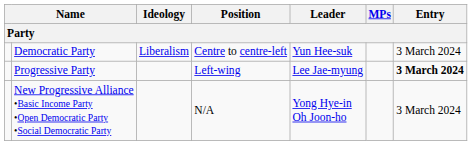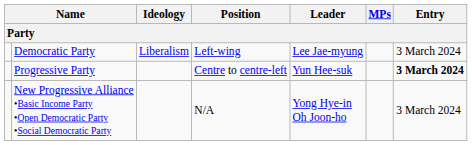 <table class="wikitable" style="font-size:90%;">
 <tr>
 <th colspan="2">Name</th>
 <th>Ideology</th>
 <th>Position</th>
 <th>Leader</th>
 <th><a href='#'>MPs</a></th>
 <th>Entry</th>
 </tr>
 <tr>
 <th colspan="10" style="text-align: left;">Party</th>
 </tr>
 <tr>
 <td style="width:2px;background:"></td>
 <td><a href='#'>Democratic Party</a></td>
 <td><a href='#'>Liberalism</a></td>
-<td><a href='#'>Centre</a> to <a href='#'>centre-left</a></td>
-<td><a href='#'>Yun Hee-suk</a></td>
+<td><a href='#'>Left-wing</a></td>
+<td><a href='#'>Lee Jae-myung</a></td>
 <td></td>
 <td>3 March 2024</td>
 </tr>
 <tr>
 <td style="width:2px;background:"></td>
 <td><a href='#'>Progressive Party</a></td>
 <td></td>
-<td><a href='#'>Left-wing</a></td>
-<td><a href='#'>Lee Jae-myung</a></td>
+<td><a href='#'>Centre</a> to <a href='#'>centre-left</a></td>
+<td><a href='#'>Yun Hee-suk</a></td>
 <td></td>
 <td><strong>3 March 2024</strong></td>
 </tr>
 <tr>
 <td style="width:2px;background:"><br></td>
 <td><a href='#'>New Progressive Alliance</a><br><small>•<a href='#'>Basic Income Party</a><br>•<a href='#'>Open Democratic Party</a><br>•<a href='#'>Social Democratic Party</a></small></td>
 <td></td>
 <td>N/A</td>
 <td><a href='#'>Yong Hye-in</a><br><a href='#'>Oh Joon-ho</a></td>
 <td></td>
 <td>3 March 2024</td>
 </tr>
 </table>
